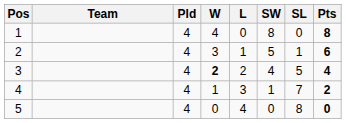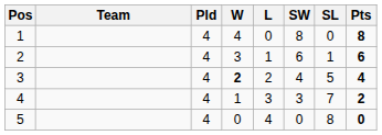 <table class="wikitable" style="text-align: center;">
 <tr>
 <th width="30">Pos</th>
 <th width="180">Team</th>
 <th width="30">Pld</th>
 <th width="30">W</th>
 <th width="30">L</th>
 <th width="30">SW</th>
 <th width="30">SL</th>
 <th width="30">Pts</th>
 </tr>
 <tr>
 <td>1</td>
 <td align="left"></td>
 <td>4</td>
 <td>4</td>
 <td>0</td>
 <td>8</td>
 <td>0</td>
 <td><strong>8</strong></td>
 </tr>
 <tr>
 <td>2</td>
 <td align="left"></td>
 <td>4</td>
 <td>3</td>
 <td>1</td>
-<td>5</td>
+<td>6</td>
 <td>1</td>
 <td><strong>6</strong></td>
 </tr>
 <tr>
 <td>3</td>
 <td align="left"></td>
 <td>4</td>
 <td><strong>2</strong></td>
 <td>2</td>
 <td>4</td>
 <td>5</td>
 <td><strong>4</strong></td>
 </tr>
 <tr>
 <td>4</td>
 <td align="left"></td>
 <td>4</td>
 <td>1</td>
 <td>3</td>
-<td>1</td>
+<td>3</td>
 <td>7</td>
 <td><strong>2</strong></td>
 </tr>
 <tr>
 <td>5</td>
 <td align="left"></td>
 <td>4</td>
 <td>0</td>
 <td>4</td>
 <td>0</td>
 <td>8</td>
 <td><strong>0</strong></td>
 </tr>
 </table>
